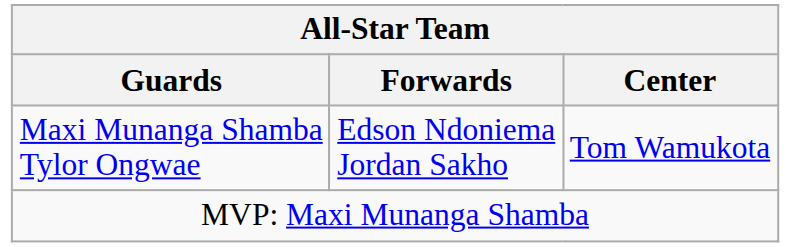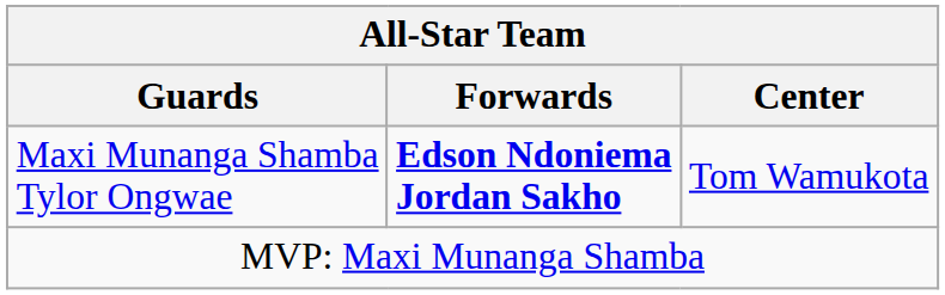 <table class="wikitable" style="margin:auto">
 <tr>
 <th colspan="3" align="center">All-Star Team</th>
 </tr>
 <tr>
 <th>Guards</th>
 <th>Forwards</th>
 <th>Center</th>
 </tr>
 <tr>
 <td> <a href='#'>Maxi Munanga Shamba</a><br> <a href='#'>Tylor Ongwae</a></td>
-<td> <a href='#'>Edson Ndoniema</a><br> <a href='#'>Jordan Sakho</a></td>
+<td><strong> <a href='#'>Edson Ndoniema</a><br> <a href='#'>Jordan Sakho</a></strong></td>
 <td> <a href='#'>Tom Wamukota</a></td>
 </tr>
 <tr>
 <td colspan="3" align="center">MVP:  <a href='#'>Maxi Munanga Shamba</a></td>
 </tr>
 </table>
